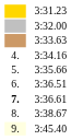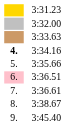 <table style="text-align:center">
 <tr>
 <td width=30 bgcolor=gold></td>
 <td align=left></td>
 <td width=60>3:31.23</td>
 </tr>
 <tr>
 <td bgcolor=silver></td>
 <td align=left></td>
 <td>3:32.00</td>
 </tr>
 <tr>
 <td bgcolor=cc9966></td>
 <td align=left></td>
 <td>3:33.63</td>
 </tr>
 <tr>
-<td>4.</td>
+<td><strong>4.</strong></td>
 <td align=left></td>
 <td>3:34.16</td>
 </tr>
 <tr>
 <td>5.</td>
 <td align=left></td>
 <td>3:35.66</td>
 </tr>
 <tr>
-<td>6.</td>
+<td style="background: pink;">6.</td>
 <td align=left></td>
 <td>3:36.51</td>
 </tr>
 <tr>
-<td><strong>7.</strong></td>
+<td>7.</td>
 <td align=left></td>
 <td>3:36.61</td>
 </tr>
 <tr>
 <td>8.</td>
 <td align=left></td>
 <td>3:38.67</td>
 </tr>
 <tr>
-<td style="background: lightyellow;">9.</td>
+<td>9.</td>
 <td align=left></td>
 <td>3:45.40</td>
 </tr>
 </table>
